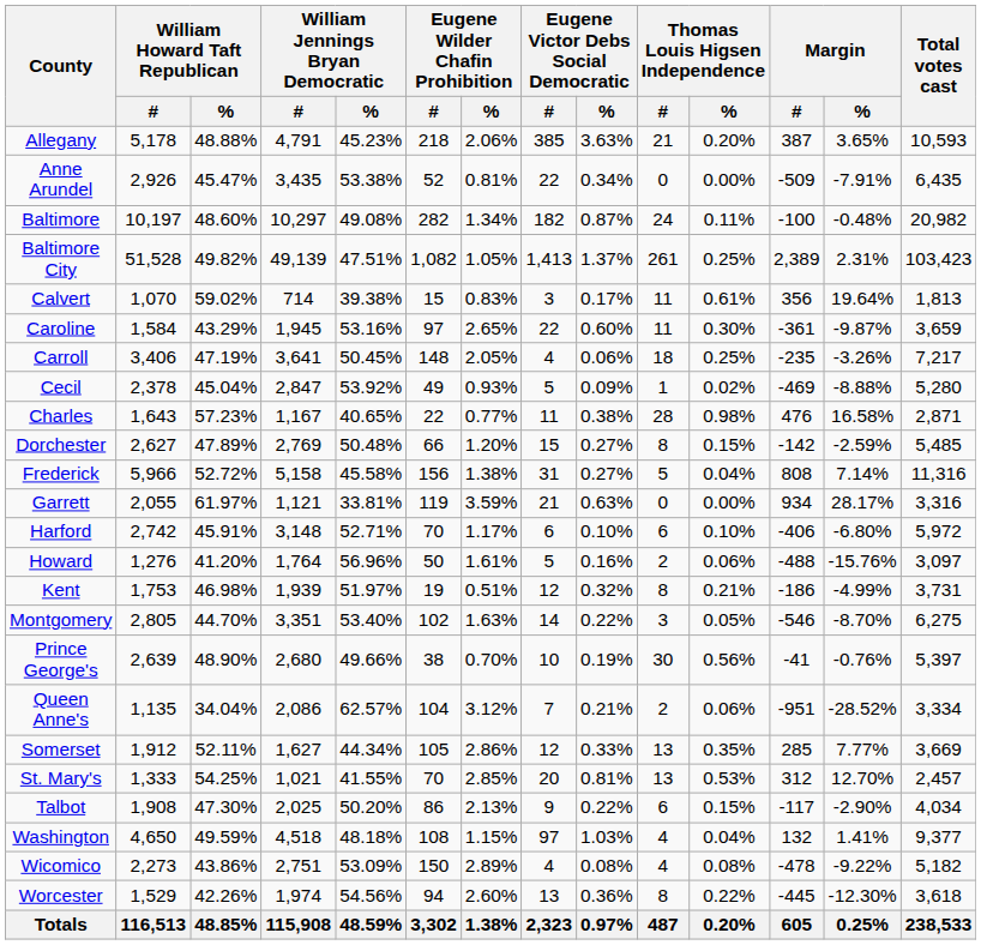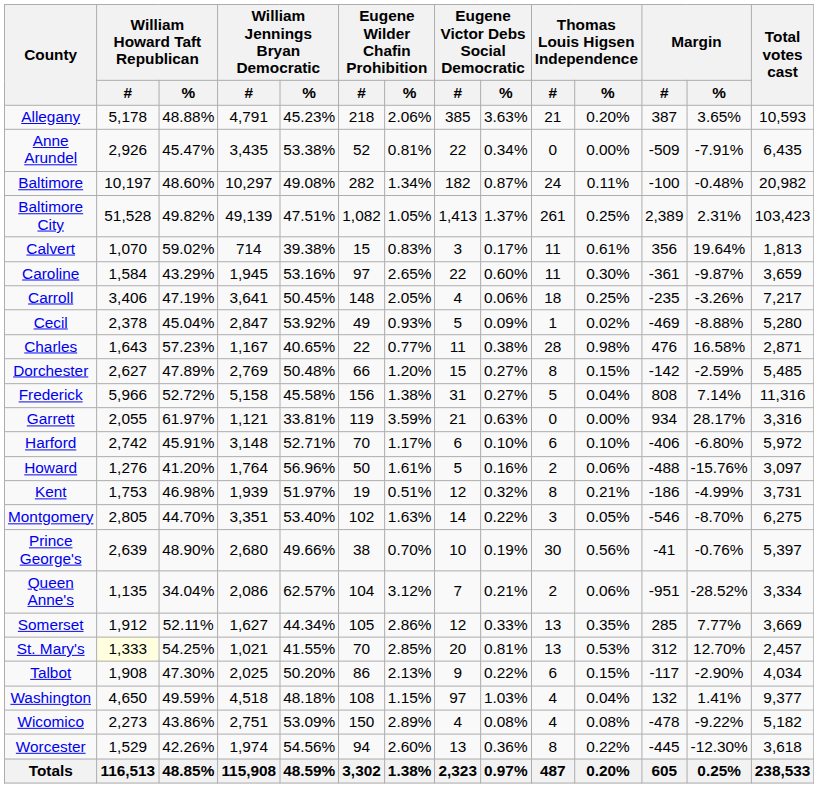 <table class="wikitable sortable" style="text-align:center">
 <tr>
 <th style="text-align:center;" rowspan="2">County</th>
 <th style="text-align:center;" colspan="2">William Howard Taft<br>Republican</th>
 <th style="text-align:center;" colspan="2">William Jennings Bryan<br>Democratic</th>
 <th style="text-align:center;" colspan="2">Eugene Wilder Chafin<br>Prohibition</th>
 <th style="text-align:center;" colspan="2">Eugene Victor Debs<br>Social Democratic</th>
 <th style="text-align:center;" colspan="2">Thomas Louis Higsen<br>Independence</th>
 <th style="text-align:center;" colspan="2">Margin</th>
 <th style="text-align:center;" rowspan="2">Total votes cast</th>
 </tr>
 <tr>
 <th style="text-align:center;" data-sort-type="number">#</th>
 <th style="text-align:center;" data-sort-type="number">%</th>
 <th style="text-align:center;" data-sort-type="number">#</th>
 <th style="text-align:center;" data-sort-type="number">%</th>
 <th style="text-align:center;" data-sort-type="number">#</th>
 <th style="text-align:center;" data-sort-type="number">%</th>
 <th style="text-align:center;" data-sort-type="number">#</th>
 <th style="text-align:center;" data-sort-type="number">%</th>
 <th style="text-align:center;" data-sort-type="number">#</th>
 <th style="text-align:center;" data-sort-type="number">%</th>
 <th style="text-align:center;" data-sort-type="number">#</th>
 <th style="text-align:center;" data-sort-type="number">%</th>
 </tr>
 <tr style="text-align:center;">
 <td><a href='#'>Allegany</a></td>
 <td>5,178</td>
 <td>48.88%</td>
 <td>4,791</td>
 <td>45.23%</td>
 <td>218</td>
 <td>2.06%</td>
 <td>385</td>
 <td>3.63%</td>
 <td>21</td>
 <td>0.20%</td>
 <td>387</td>
 <td>3.65%</td>
 <td>10,593</td>
 </tr>
 <tr style="text-align:center;">
 <td><a href='#'>Anne Arundel</a></td>
 <td>2,926</td>
 <td>45.47%</td>
 <td>3,435</td>
 <td>53.38%</td>
 <td>52</td>
 <td>0.81%</td>
 <td>22</td>
 <td>0.34%</td>
 <td>0</td>
 <td>0.00%</td>
 <td>-509</td>
 <td>-7.91%</td>
 <td>6,435</td>
 </tr>
 <tr style="text-align:center;">
 <td><a href='#'>Baltimore</a></td>
 <td>10,197</td>
 <td>48.60%</td>
 <td>10,297</td>
 <td>49.08%</td>
 <td>282</td>
 <td>1.34%</td>
 <td>182</td>
 <td>0.87%</td>
 <td>24</td>
 <td>0.11%</td>
 <td>-100</td>
 <td>-0.48%</td>
 <td>20,982</td>
 </tr>
 <tr style="text-align:center;">
 <td><a href='#'>Baltimore City</a></td>
 <td>51,528</td>
 <td>49.82%</td>
 <td>49,139</td>
 <td>47.51%</td>
 <td>1,082</td>
 <td>1.05%</td>
 <td>1,413</td>
 <td>1.37%</td>
 <td>261</td>
 <td>0.25%</td>
 <td>2,389</td>
 <td>2.31%</td>
 <td>103,423</td>
 </tr>
 <tr style="text-align:center;">
 <td><a href='#'>Calvert</a></td>
 <td>1,070</td>
 <td>59.02%</td>
 <td>714</td>
 <td>39.38%</td>
 <td>15</td>
 <td>0.83%</td>
 <td>3</td>
 <td>0.17%</td>
 <td>11</td>
 <td>0.61%</td>
 <td>356</td>
 <td>19.64%</td>
 <td>1,813</td>
 </tr>
 <tr style="text-align:center;">
 <td><a href='#'>Caroline</a></td>
 <td>1,584</td>
 <td>43.29%</td>
 <td>1,945</td>
 <td>53.16%</td>
 <td>97</td>
 <td>2.65%</td>
 <td>22</td>
 <td>0.60%</td>
 <td>11</td>
 <td>0.30%</td>
 <td>-361</td>
 <td>-9.87%</td>
 <td>3,659</td>
 </tr>
 <tr style="text-align:center;">
 <td><a href='#'>Carroll</a></td>
 <td>3,406</td>
 <td>47.19%</td>
 <td>3,641</td>
 <td>50.45%</td>
 <td>148</td>
 <td>2.05%</td>
 <td>4</td>
 <td>0.06%</td>
 <td>18</td>
 <td>0.25%</td>
 <td>-235</td>
 <td>-3.26%</td>
 <td>7,217</td>
 </tr>
 <tr style="text-align:center;">
 <td><a href='#'>Cecil</a></td>
 <td>2,378</td>
 <td>45.04%</td>
 <td>2,847</td>
 <td>53.92%</td>
 <td>49</td>
 <td>0.93%</td>
 <td>5</td>
 <td>0.09%</td>
 <td>1</td>
 <td>0.02%</td>
 <td>-469</td>
 <td>-8.88%</td>
 <td>5,280</td>
 </tr>
 <tr style="text-align:center;">
 <td><a href='#'>Charles</a></td>
 <td>1,643</td>
 <td>57.23%</td>
 <td>1,167</td>
 <td>40.65%</td>
 <td>22</td>
 <td>0.77%</td>
 <td>11</td>
 <td>0.38%</td>
 <td>28</td>
 <td>0.98%</td>
 <td>476</td>
 <td>16.58%</td>
 <td>2,871</td>
 </tr>
 <tr style="text-align:center;">
 <td><a href='#'>Dorchester</a></td>
 <td>2,627</td>
 <td>47.89%</td>
 <td>2,769</td>
 <td>50.48%</td>
 <td>66</td>
 <td>1.20%</td>
 <td>15</td>
 <td>0.27%</td>
 <td>8</td>
 <td>0.15%</td>
 <td>-142</td>
 <td>-2.59%</td>
 <td>5,485</td>
 </tr>
 <tr style="text-align:center;">
 <td><a href='#'>Frederick</a></td>
 <td>5,966</td>
 <td>52.72%</td>
 <td>5,158</td>
 <td>45.58%</td>
 <td>156</td>
 <td>1.38%</td>
 <td>31</td>
 <td>0.27%</td>
 <td>5</td>
 <td>0.04%</td>
 <td>808</td>
 <td>7.14%</td>
 <td>11,316</td>
 </tr>
 <tr style="text-align:center;">
 <td><a href='#'>Garrett</a></td>
 <td>2,055</td>
 <td>61.97%</td>
 <td>1,121</td>
 <td>33.81%</td>
 <td>119</td>
 <td>3.59%</td>
 <td>21</td>
 <td>0.63%</td>
 <td>0</td>
 <td>0.00%</td>
 <td>934</td>
 <td>28.17%</td>
 <td>3,316</td>
 </tr>
 <tr style="text-align:center;">
 <td><a href='#'>Harford</a></td>
 <td>2,742</td>
 <td>45.91%</td>
 <td>3,148</td>
 <td>52.71%</td>
 <td>70</td>
 <td>1.17%</td>
 <td>6</td>
 <td>0.10%</td>
 <td>6</td>
 <td>0.10%</td>
 <td>-406</td>
 <td>-6.80%</td>
 <td>5,972</td>
 </tr>
 <tr style="text-align:center;">
 <td><a href='#'>Howard</a></td>
 <td>1,276</td>
 <td>41.20%</td>
 <td>1,764</td>
 <td>56.96%</td>
 <td>50</td>
 <td>1.61%</td>
 <td>5</td>
 <td>0.16%</td>
 <td>2</td>
 <td>0.06%</td>
 <td>-488</td>
 <td>-15.76%</td>
 <td>3,097</td>
 </tr>
 <tr style="text-align:center;">
 <td><a href='#'>Kent</a></td>
 <td>1,753</td>
 <td>46.98%</td>
 <td>1,939</td>
 <td>51.97%</td>
 <td>19</td>
 <td>0.51%</td>
 <td>12</td>
 <td>0.32%</td>
 <td>8</td>
 <td>0.21%</td>
 <td>-186</td>
 <td>-4.99%</td>
 <td>3,731</td>
 </tr>
 <tr style="text-align:center;">
 <td><a href='#'>Montgomery</a></td>
 <td>2,805</td>
 <td>44.70%</td>
 <td>3,351</td>
 <td>53.40%</td>
 <td>102</td>
 <td>1.63%</td>
 <td>14</td>
 <td>0.22%</td>
 <td>3</td>
 <td>0.05%</td>
 <td>-546</td>
 <td>-8.70%</td>
 <td>6,275</td>
 </tr>
 <tr style="text-align:center;">
 <td><a href='#'>Prince George's</a></td>
 <td>2,639</td>
 <td>48.90%</td>
 <td>2,680</td>
 <td>49.66%</td>
 <td>38</td>
 <td>0.70%</td>
 <td>10</td>
 <td>0.19%</td>
 <td>30</td>
 <td>0.56%</td>
 <td>-41</td>
 <td>-0.76%</td>
 <td>5,397</td>
 </tr>
 <tr style="text-align:center;">
 <td><a href='#'>Queen Anne's</a></td>
 <td>1,135</td>
 <td>34.04%</td>
 <td>2,086</td>
 <td>62.57%</td>
 <td>104</td>
 <td>3.12%</td>
 <td>7</td>
 <td>0.21%</td>
 <td>2</td>
 <td>0.06%</td>
 <td>-951</td>
 <td>-28.52%</td>
 <td>3,334</td>
 </tr>
 <tr style="text-align:center;">
 <td><a href='#'>Somerset</a></td>
 <td>1,912</td>
 <td>52.11%</td>
 <td>1,627</td>
 <td>44.34%</td>
 <td>105</td>
 <td>2.86%</td>
 <td>12</td>
 <td>0.33%</td>
 <td>13</td>
 <td>0.35%</td>
 <td>285</td>
 <td>7.77%</td>
 <td>3,669</td>
 </tr>
 <tr style="text-align:center;">
 <td><a href='#'>St. Mary's</a></td>
-<td>1,333</td>
+<td style="background: lightyellow;">1,333</td>
 <td>54.25%</td>
 <td>1,021</td>
 <td>41.55%</td>
 <td>70</td>
 <td>2.85%</td>
 <td>20</td>
 <td>0.81%</td>
 <td>13</td>
 <td>0.53%</td>
 <td>312</td>
 <td>12.70%</td>
 <td>2,457</td>
 </tr>
 <tr style="text-align:center;">
 <td><a href='#'>Talbot</a></td>
 <td>1,908</td>
 <td>47.30%</td>
 <td>2,025</td>
 <td>50.20%</td>
 <td>86</td>
 <td>2.13%</td>
 <td>9</td>
 <td>0.22%</td>
 <td>6</td>
 <td>0.15%</td>
 <td>-117</td>
 <td>-2.90%</td>
 <td>4,034</td>
 </tr>
 <tr style="text-align:center;">
 <td><a href='#'>Washington</a></td>
 <td>4,650</td>
 <td>49.59%</td>
 <td>4,518</td>
 <td>48.18%</td>
 <td>108</td>
 <td>1.15%</td>
 <td>97</td>
 <td>1.03%</td>
 <td>4</td>
 <td>0.04%</td>
 <td>132</td>
 <td>1.41%</td>
 <td>9,377</td>
 </tr>
 <tr style="text-align:center;">
 <td><a href='#'>Wicomico</a></td>
 <td>2,273</td>
 <td>43.86%</td>
 <td>2,751</td>
 <td>53.09%</td>
 <td>150</td>
 <td>2.89%</td>
 <td>4</td>
 <td>0.08%</td>
 <td>4</td>
 <td>0.08%</td>
 <td>-478</td>
 <td>-9.22%</td>
 <td>5,182</td>
 </tr>
 <tr style="text-align:center;">
 <td><a href='#'>Worcester</a></td>
 <td>1,529</td>
 <td>42.26%</td>
 <td>1,974</td>
 <td>54.56%</td>
 <td>94</td>
 <td>2.60%</td>
 <td>13</td>
 <td>0.36%</td>
 <td>8</td>
 <td>0.22%</td>
 <td>-445</td>
 <td>-12.30%</td>
 <td>3,618</td>
 </tr>
 <tr style="text-align:center;">
 <th>Totals</th>
 <th>116,513</th>
 <th>48.85%</th>
 <th>115,908</th>
 <th>48.59%</th>
 <th>3,302</th>
 <th>1.38%</th>
 <th>2,323</th>
 <th>0.97%</th>
 <th>487</th>
 <th>0.20%</th>
 <th>605</th>
 <th>0.25%</th>
 <th>238,533</th>
 </tr>
 </table>
